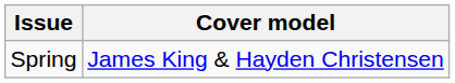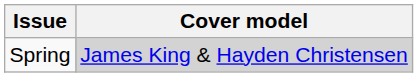 <table class="sortable wikitable">
 <tr>
 <th>Issue</th>
 <th>Cover model</th>
 </tr>
 <tr>
 <td>Spring</td>
-<td><a href='#'>James King</a> & <a href='#'>Hayden Christensen</a></td>
+<td style="background: lightgrey;"><a href='#'>James King</a> & <a href='#'>Hayden Christensen</a></td>
 </tr>
 </table>
